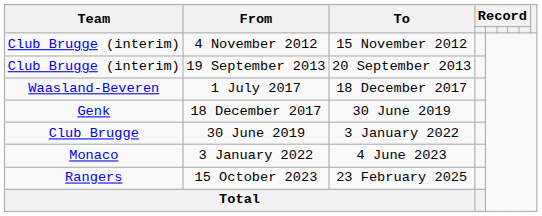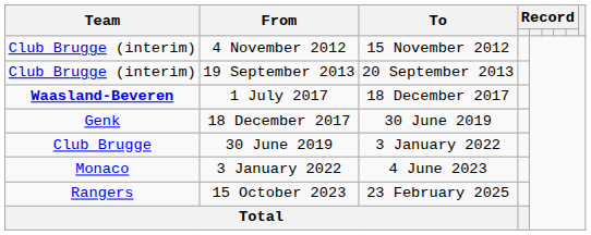 <table class=wikitable style=text-align:center>
 <tr>
 <th rowspan=2>Team</th>
 <th rowspan=2>From</th>
 <th rowspan=2>To</th>
 <th colspan=5>Record</th>
 <th rowspan=2></th>
 </tr>
 <tr>
 <th></th>
 <th></th>
 <th></th>
 <th></th>
 <th></th>
 </tr>
 <tr>
 <td align=centre><a href='#'>Club Brugge</a> (interim)</td>
 <td align=centre>4 November 2012</td>
 <td align=centre>15 November 2012<br></td>
 <td></td>
 </tr>
 <tr>
 <td align=centre><a href='#'>Club Brugge</a> (interim)</td>
 <td align=centre>19 September 2013</td>
 <td align=centre>20 September 2013<br></td>
 <td></td>
 </tr>
 <tr>
-<td align=centre><a href='#'>Waasland-Beveren</a></td>
+<td align=centre><strong><a href='#'>Waasland-Beveren</a></strong></td>
 <td align=centre>1 July 2017</td>
 <td align=centre>18 December 2017<br></td>
 <td></td>
 </tr>
 <tr>
 <td align=centre><a href='#'>Genk</a></td>
 <td align=centre>18 December 2017</td>
 <td align=centre>30 June 2019<br></td>
 <td></td>
 </tr>
 <tr>
 <td align=centre><a href='#'>Club Brugge</a></td>
 <td align=centre>30 June 2019</td>
 <td align=centre>3 January 2022<br></td>
 <td></td>
 </tr>
 <tr>
 <td align=centre><a href='#'>Monaco</a></td>
 <td align=centre>3 January 2022</td>
 <td align=centre>4 June 2023<br></td>
 <td></td>
 </tr>
 <tr>
 <td align=centre><a href='#'>Rangers</a></td>
 <td align=centre>15 October 2023</td>
 <td align=centre>23 February 2025<br></td>
 <td></td>
 </tr>
 <tr>
 <th colspan="3">Total<br></th>
 <th></th>
 </tr>
 </table>
